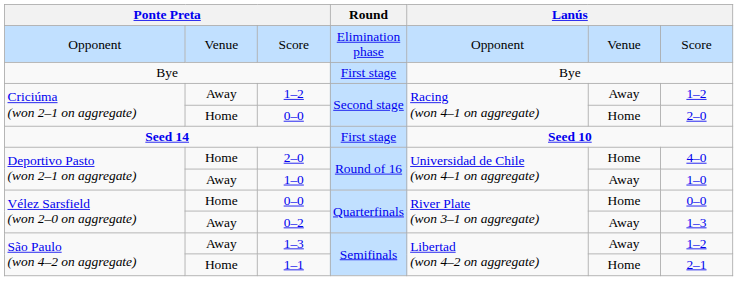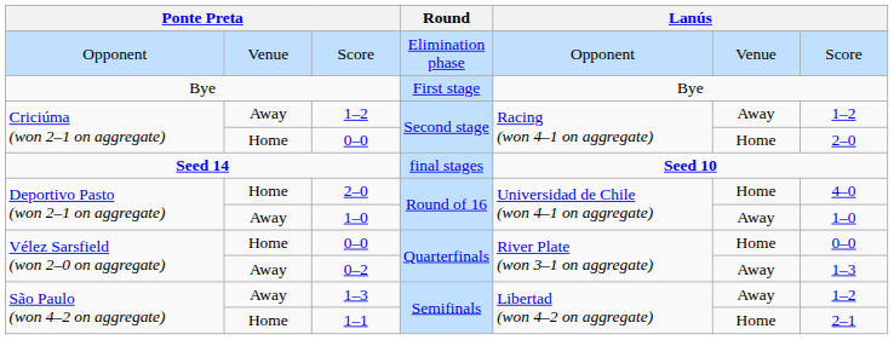 <table class="wikitable" style="text-align: center;">
 <tr>
 <th colspan=3> <a href='#'>Ponte Preta</a></th>
 <th>Round</th>
 <th colspan=3> <a href='#'>Lanús</a></th>
 </tr>
 <tr bgcolor=#c1e0ff>
 <td width=25%>Opponent</td>
 <td width=10%>Venue</td>
 <td width=10%>Score</td>
 <td width=10%><a href='#'>Elimination phase</a></td>
 <td width=25%>Opponent</td>
 <td width=10%>Venue</td>
 <td width=10%>Score</td>
 </tr>
 <tr>
 <td colspan=3>Bye</td>
 <td bgcolor=#c1e0ff><a href='#'>First stage</a></td>
 <td colspan=3>Bye</td>
 </tr>
 <tr>
 <td rowspan=2 align=left> <a href='#'>Criciúma</a><br><em>(won 2–1 on aggregate)</em></td>
 <td>Away</td>
 <td><a href='#'>1–2</a></td>
 <td rowspan=2 bgcolor=#c1e0ff><a href='#'>Second stage</a></td>
 <td rowspan=2 align=left> <a href='#'>Racing</a><br><em>(won 4–1 on aggregate)</em></td>
 <td>Away</td>
 <td><a href='#'>1–2</a></td>
 </tr>
 <tr>
 <td>Home</td>
 <td><a href='#'>0–0</a></td>
 <td>Home</td>
 <td><a href='#'>2–0</a></td>
 </tr>
 <tr>
 <td colspan=3><strong><a href='#'>Seed 14</a></strong></td>
-<td bgcolor=#c1e0ff><a href='#'>First stage</a></td>
+<td bgcolor=#c1e0ff><a href='#'>final stages</a></td>
 <td colspan=3><strong><a href='#'>Seed 10</a></strong></td>
 </tr>
 <tr>
 <td rowspan=2 align=left> <a href='#'>Deportivo Pasto</a><br><em>(won 2–1 on aggregate)</em></td>
 <td>Home</td>
 <td><a href='#'>2–0</a></td>
 <td rowspan=2 bgcolor=#c1e0ff><a href='#'>Round of 16</a></td>
 <td rowspan=2 align=left> <a href='#'>Universidad de Chile</a><br><em>(won 4–1 on aggregate)</em></td>
 <td>Home</td>
 <td><a href='#'>4–0</a></td>
 </tr>
 <tr>
 <td>Away</td>
 <td><a href='#'>1–0</a></td>
 <td>Away</td>
 <td><a href='#'>1–0</a></td>
 </tr>
 <tr>
 <td rowspan=2 align=left> <a href='#'>Vélez Sarsfield</a><br><em>(won 2–0 on aggregate)</em></td>
 <td>Home</td>
 <td><a href='#'>0–0</a></td>
 <td rowspan=2 bgcolor=#c1e0ff><a href='#'>Quarterfinals</a></td>
 <td rowspan=2 align=left> <a href='#'>River Plate</a><br><em>(won 3–1 on aggregate)</em></td>
 <td>Home</td>
 <td><a href='#'>0–0</a></td>
 </tr>
 <tr>
 <td>Away</td>
 <td><a href='#'>0–2</a></td>
 <td>Away</td>
 <td><a href='#'>1–3</a></td>
 </tr>
 <tr>
 <td rowspan=2 align=left> <a href='#'>São Paulo</a><br><em>(won 4–2 on aggregate)</em></td>
 <td>Away</td>
 <td><a href='#'>1–3</a></td>
 <td rowspan=2 bgcolor=#c1e0ff><a href='#'>Semifinals</a></td>
 <td rowspan=2 align=left> <a href='#'>Libertad</a><br><em>(won 4–2 on aggregate)</em></td>
 <td>Away</td>
 <td><a href='#'>1–2</a></td>
 </tr>
 <tr>
 <td>Home</td>
 <td><a href='#'>1–1</a></td>
 <td>Home</td>
 <td><a href='#'>2–1</a></td>
 </tr>
 </table>
